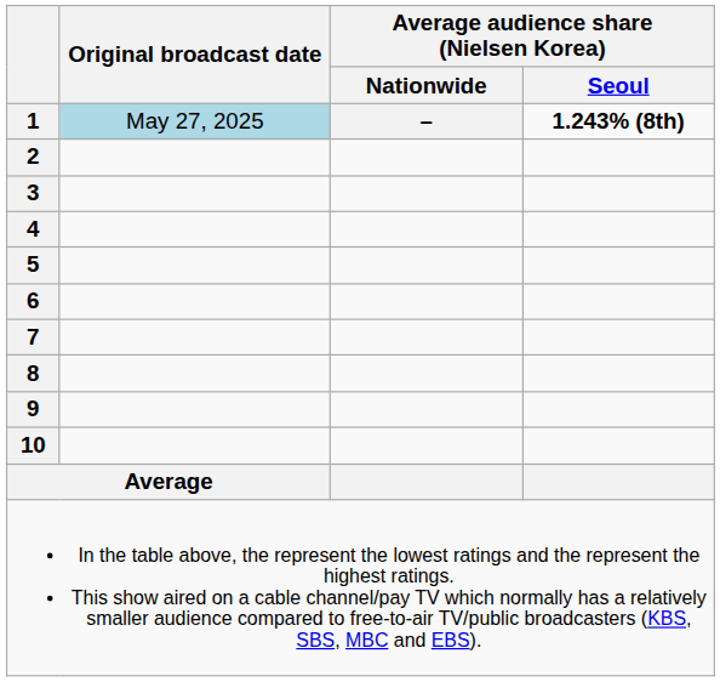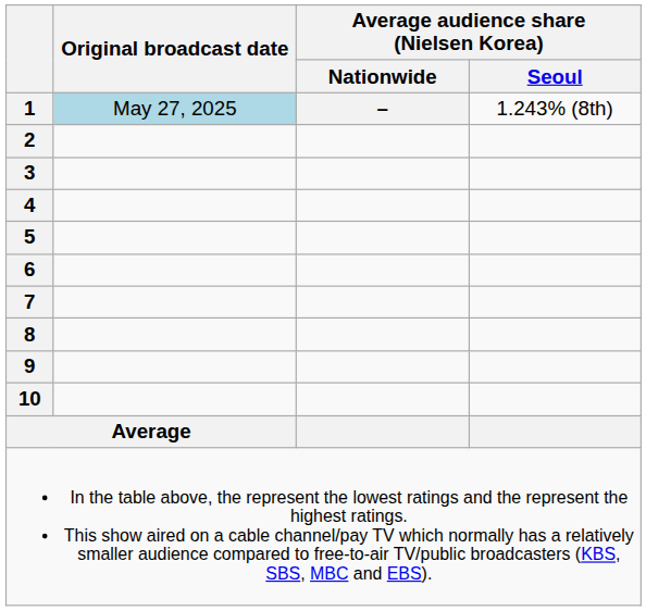 <table class="wikitable" style="text-align:center;max-width:500px; margin-left: auto; margin-right: auto; border: none;">
 <tr>
 <th scope="col" rowspan="2"></th>
 <th scope="col" rowspan="2">Original broadcast date</th>
 <th scope="col" colspan="2">Average audience share<br>(Nielsen Korea)</th>
 </tr>
 <tr>
 <th scope="col" style="width:8em">Nationwide</th>
 <th scope="col" style="width:8em"><a href='#'>Seoul</a></th>
 </tr>
 <tr>
 <th scope="row">1</th>
 <td style="background: lightblue;">May 27, 2025</td>
 <th>–</th>
-<td><strong>1.243% (8th)</strong></td>
+<td>1.243% (8th)</td>
 </tr>
 <tr>
 <th scope="row">2</th>
 <td></td>
 <td></td>
 <td></td>
 </tr>
 <tr>
 <th scope="row">3</th>
 <td></td>
 <td></td>
 <td></td>
 </tr>
 <tr>
 <th scope="row">4</th>
 <td></td>
 <td></td>
 <td></td>
 </tr>
 <tr>
 <th scope="row">5</th>
 <td></td>
 <td></td>
 <td></td>
 </tr>
 <tr>
 <th scope="row">6</th>
 <td></td>
 <td></td>
 <td></td>
 </tr>
 <tr>
 <th scope="row">7</th>
 <td></td>
 <td></td>
 <td></td>
 </tr>
 <tr>
 <th scope="row">8</th>
 <td></td>
 <td></td>
 <td></td>
 </tr>
 <tr>
 <th scope="row">9</th>
 <td></td>
 <td></td>
 <td></td>
 </tr>
 <tr>
 <th scope="row">10</th>
 <td></td>
 <td></td>
 <td></td>
 </tr>
 <tr>
 <th colspan="2">Average</th>
 <th></th>
 <th></th>
 </tr>
 <tr>
 <td colspan="4" style="font-size:85%"><br><ul><li>In the table above, the  represent the lowest ratings and the  represent the highest ratings.</li><li>This show aired on a cable channel/pay TV which normally has a relatively smaller audience compared to free-to-air TV/public broadcasters (<a href='#'>KBS</a>, <a href='#'>SBS</a>, <a href='#'>MBC</a> and <a href='#'>EBS</a>).</li></ul></td>
 </tr>
 </table>
